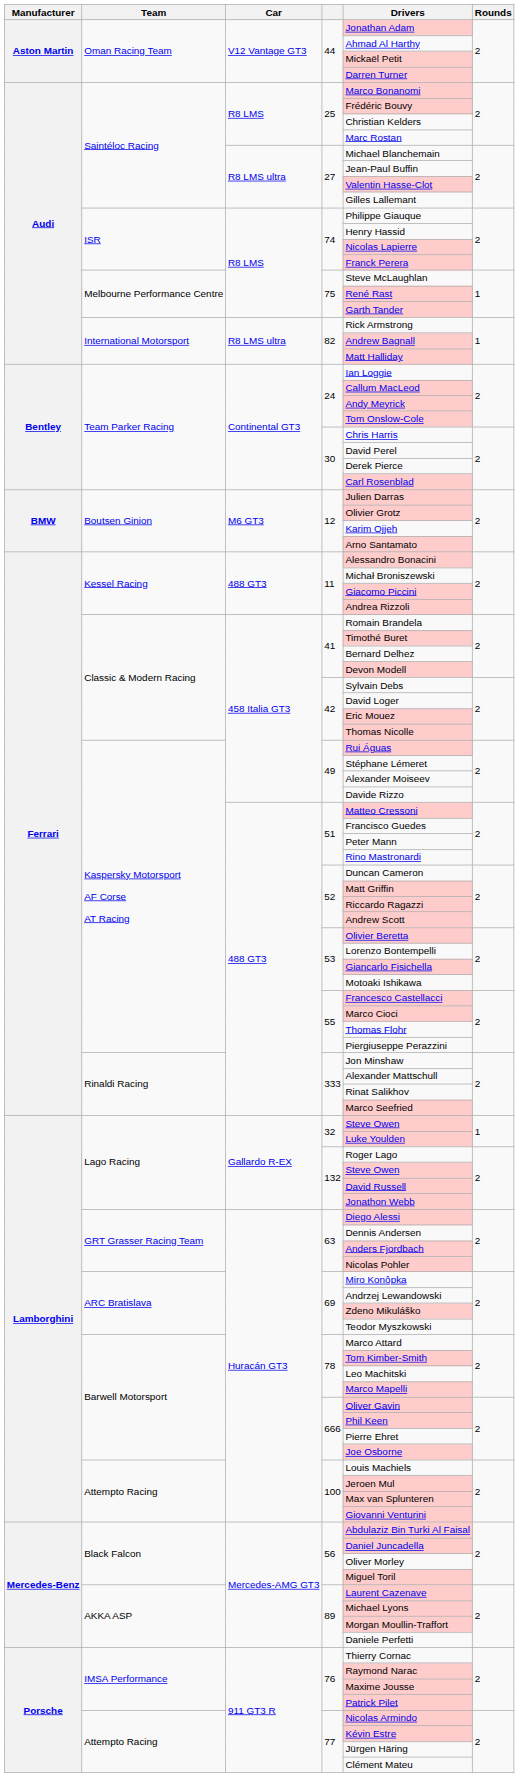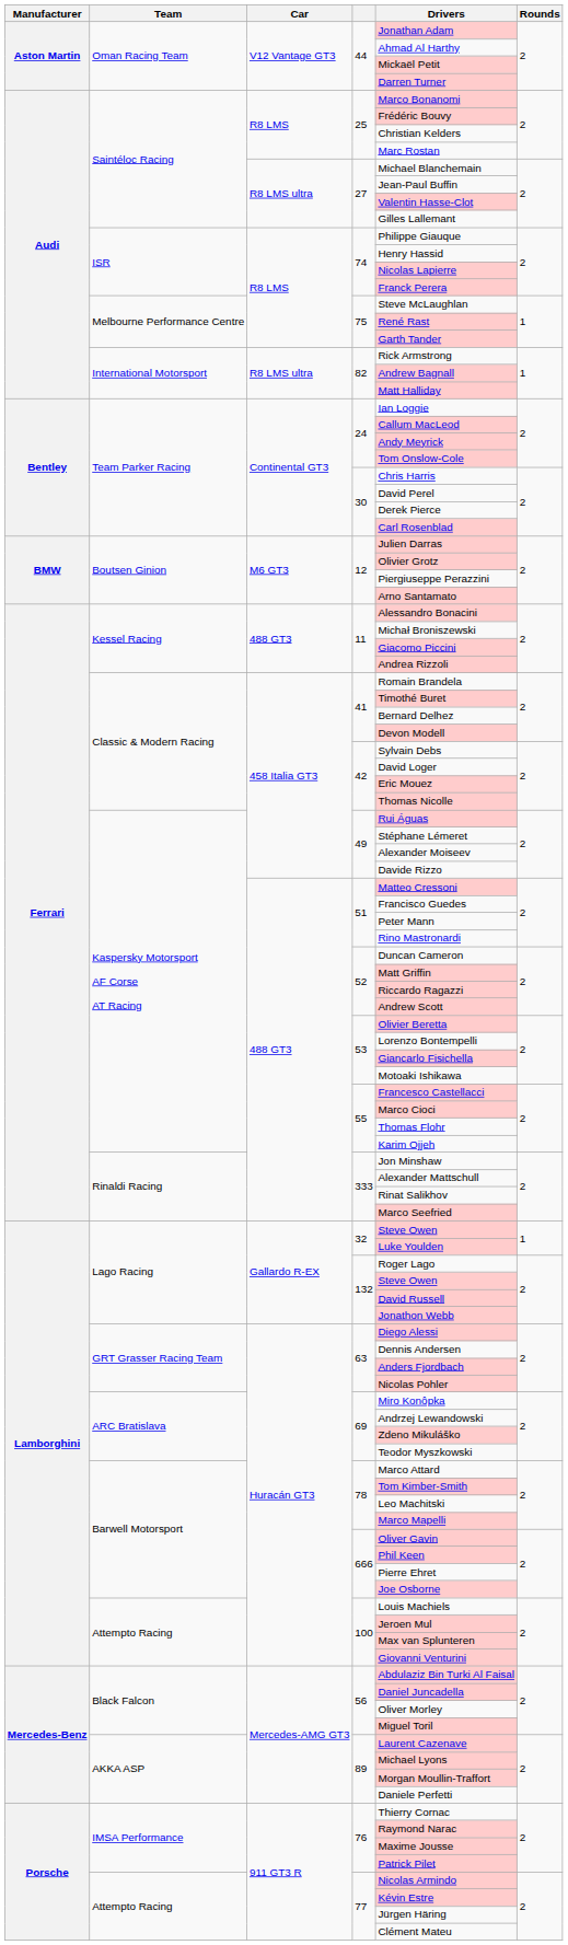 <table class="wikitable" style="font-size: 85%;">
 <tr>
 <th>Manufacturer</th>
 <th>Team</th>
 <th>Car</th>
 <th></th>
 <th>Drivers</th>
 <th>Rounds</th>
 </tr>
 <tr>
 <th rowspan=4><a href='#'>Aston Martin</a></th>
 <td rowspan=4> <a href='#'>Oman Racing Team</a></td>
 <td rowspan=4><a href='#'>V12 Vantage GT3</a></td>
 <td rowspan=4>44</td>
 <td style="background:#FFCCCC;"> <a href='#'>Jonathan Adam</a></td>
 <td rowspan=4>2</td>
 </tr>
 <tr>
 <td> <a href='#'>Ahmad Al Harthy</a></td>
 </tr>
 <tr>
 <td style="background:#FFCCCC;"> Mickaël Petit</td>
 </tr>
 <tr>
 <td style="background:#FFCCCC;"> <a href='#'>Darren Turner</a></td>
 </tr>
 <tr>
 <th rowspan=18><a href='#'>Audi</a></th>
 <td rowspan=8> <a href='#'>Saintéloc Racing</a></td>
 <td rowspan=4><a href='#'>R8 LMS</a></td>
 <td rowspan=4>25</td>
 <td style="background:#FFCCCC;"> <a href='#'>Marco Bonanomi</a></td>
 <td rowspan=4>2</td>
 </tr>
 <tr>
 <td style="background:#FFCCCC;"> Frédéric Bouvy</td>
 </tr>
 <tr>
 <td> Christian Kelders</td>
 </tr>
 <tr>
 <td> <a href='#'>Marc Rostan</a></td>
 </tr>
 <tr>
 <td rowspan=4><a href='#'>R8 LMS ultra</a></td>
 <td rowspan=4>27</td>
 <td> Michael Blanchemain</td>
 <td rowspan=4>2</td>
 </tr>
 <tr>
 <td> Jean-Paul Buffin</td>
 </tr>
 <tr>
 <td style="background:#FFCCCC;"> <a href='#'>Valentin Hasse-Clot</a></td>
 </tr>
 <tr>
 <td> Gilles Lallemant</td>
 </tr>
 <tr>
 <td rowspan=4> <a href='#'>ISR</a></td>
 <td rowspan=7><a href='#'>R8 LMS</a></td>
 <td rowspan=4>74</td>
 <td> Philippe Giauque</td>
 <td rowspan=4>2</td>
 </tr>
 <tr>
 <td> Henry Hassid</td>
 </tr>
 <tr>
 <td style="background:#FFCCCC;"> <a href='#'>Nicolas Lapierre</a></td>
 </tr>
 <tr>
 <td style="background:#FFCCCC;"> <a href='#'>Franck Perera</a></td>
 </tr>
 <tr>
 <td rowspan=3> Melbourne Performance Centre</td>
 <td rowspan=3>75</td>
 <td> Steve McLaughlan</td>
 <td rowspan=3>1</td>
 </tr>
 <tr>
 <td style="background:#FFCCCC;"> <a href='#'>René Rast</a></td>
 </tr>
 <tr>
 <td style="background:#FFCCCC;"> <a href='#'>Garth Tander</a></td>
 </tr>
 <tr>
 <td rowspan=3> <a href='#'>International Motorsport</a></td>
 <td rowspan=3><a href='#'>R8 LMS ultra</a></td>
 <td rowspan=3>82</td>
 <td> Rick Armstrong</td>
 <td rowspan=3>1</td>
 </tr>
 <tr>
 <td style="background:#FFCCCC;"> <a href='#'>Andrew Bagnall</a></td>
 </tr>
 <tr>
 <td style="background:#FFCCCC;"> <a href='#'>Matt Halliday</a></td>
 </tr>
 <tr>
 <th rowspan=8><a href='#'>Bentley</a></th>
 <td rowspan=8> <a href='#'>Team Parker Racing</a></td>
 <td rowspan=8><a href='#'>Continental GT3</a></td>
 <td rowspan=4>24</td>
 <td> <a href='#'>Ian Loggie</a></td>
 <td rowspan=4>2</td>
 </tr>
 <tr>
 <td style="background:#FFCCCC;"> <a href='#'>Callum MacLeod</a></td>
 </tr>
 <tr>
 <td style="background:#FFCCCC;"> <a href='#'>Andy Meyrick</a></td>
 </tr>
 <tr>
 <td style="background:#FFCCCC;"> <a href='#'>Tom Onslow-Cole</a></td>
 </tr>
 <tr>
 <td rowspan=4>30</td>
 <td> <a href='#'>Chris Harris</a></td>
 <td rowspan=4>2</td>
 </tr>
 <tr>
 <td> David Perel</td>
 </tr>
 <tr>
 <td> Derek Pierce</td>
 </tr>
 <tr>
 <td style="background:#FFCCCC;"> <a href='#'>Carl Rosenblad</a></td>
 </tr>
 <tr>
 <th rowspan=4><a href='#'>BMW</a></th>
 <td rowspan=4> <a href='#'>Boutsen Ginion</a></td>
 <td rowspan=4><a href='#'>M6 GT3</a></td>
 <td rowspan=4>12</td>
 <td style="background:#FFCCCC;"> Julien Darras</td>
 <td rowspan=4>2</td>
 </tr>
 <tr>
 <td style="background:#FFCCCC;"> Olivier Grotz</td>
 </tr>
 <tr>
-<td> <a href='#'>Karim Ojjeh</a></td>
+<td> Piergiuseppe Perazzini</td>
 </tr>
 <tr>
 <td style="background:#FFCCCC;"> Arno Santamato</td>
 </tr>
 <tr>
 <th rowspan=36><a href='#'>Ferrari</a></th>
 <td rowspan=4> <a href='#'>Kessel Racing</a></td>
 <td rowspan=4><a href='#'>488 GT3</a></td>
 <td rowspan=4>11</td>
 <td style="background:#FFCCCC;"> Alessandro Bonacini</td>
 <td rowspan=4>2</td>
 </tr>
 <tr>
 <td> Michał Broniszewski</td>
 </tr>
 <tr>
 <td style="background:#FFCCCC;"> <a href='#'>Giacomo Piccini</a></td>
 </tr>
 <tr>
 <td style="background:#FFCCCC;"> Andrea Rizzoli</td>
 </tr>
 <tr>
 <td rowspan=8> Classic & Modern Racing</td>
 <td rowspan=12><a href='#'>458 Italia GT3</a></td>
 <td rowspan=4>41</td>
 <td> Romain Brandela</td>
 <td rowspan=4>2</td>
 </tr>
 <tr>
 <td style="background:#FFCCCC;"> Timothé Buret</td>
 </tr>
 <tr>
 <td> Bernard Delhez</td>
 </tr>
 <tr>
 <td style="background:#FFCCCC;"> Devon Modell</td>
 </tr>
 <tr>
 <td rowspan=4>42</td>
 <td> Sylvain Debs</td>
 <td rowspan=4>2</td>
 </tr>
 <tr>
 <td> David Loger</td>
 </tr>
 <tr>
 <td style="background:#FFCCCC;"> Eric Mouez</td>
 </tr>
 <tr>
 <td style="background:#FFCCCC;"> Thomas Nicolle</td>
 </tr>
 <tr>
 <td rowspan=20> <a href='#'>Kaspersky Motorsport</a><br> <br> <a href='#'>AF Corse</a><br> <br> <a href='#'>AT Racing</a></td>
 <td rowspan=4>49</td>
 <td style="background:#FFCCCC;"> <a href='#'>Rui Águas</a></td>
 <td rowspan=4>2</td>
 </tr>
 <tr>
 <td> Stéphane Lémeret</td>
 </tr>
 <tr>
 <td> Alexander Moiseev</td>
 </tr>
 <tr>
 <td> Davide Rizzo</td>
 </tr>
 <tr>
 <td rowspan=20><a href='#'>488 GT3</a></td>
 <td rowspan=4>51</td>
 <td style="background:#FFCCCC;"> <a href='#'>Matteo Cressoni</a></td>
 <td rowspan=4>2</td>
 </tr>
 <tr>
 <td> Francisco Guedes</td>
 </tr>
 <tr>
 <td> Peter Mann</td>
 </tr>
 <tr>
 <td> <a href='#'>Rino Mastronardi</a></td>
 </tr>
 <tr>
 <td rowspan=4>52</td>
 <td> Duncan Cameron</td>
 <td rowspan=4>2</td>
 </tr>
 <tr>
 <td style="background:#FFCCCC;"> Matt Griffin</td>
 </tr>
 <tr>
 <td style="background:#FFCCCC;"> Riccardo Ragazzi</td>
 </tr>
 <tr>
 <td style="background:#FFCCCC;"> Andrew Scott</td>
 </tr>
 <tr>
 <td rowspan=4>53</td>
 <td style="background:#FFCCCC;"> <a href='#'>Olivier Beretta</a></td>
 <td rowspan=4>2</td>
 </tr>
 <tr>
 <td> Lorenzo Bontempelli</td>
 </tr>
 <tr>
 <td style="background:#FFCCCC;"> <a href='#'>Giancarlo Fisichella</a></td>
 </tr>
 <tr>
 <td> Motoaki Ishikawa</td>
 </tr>
 <tr>
 <td rowspan=4>55</td>
 <td style="background:#FFCCCC;"> <a href='#'>Francesco Castellacci</a></td>
 <td rowspan=4>2</td>
 </tr>
 <tr>
 <td style="background:#FFCCCC;"> Marco Cioci</td>
 </tr>
 <tr>
 <td> <a href='#'>Thomas Flohr</a></td>
 </tr>
 <tr>
-<td> Piergiuseppe Perazzini</td>
+<td> <a href='#'>Karim Ojjeh</a></td>
 </tr>
 <tr>
 <td rowspan=4> Rinaldi Racing</td>
 <td rowspan=4>333</td>
 <td> Jon Minshaw</td>
 <td rowspan=4>2</td>
 </tr>
 <tr>
 <td> Alexander Mattschull</td>
 </tr>
 <tr>
 <td> Rinat Salikhov</td>
 </tr>
 <tr>
 <td style="background:#FFCCCC;"> Marco Seefried</td>
 </tr>
 <tr>
 <th rowspan=27><a href='#'>Lamborghini</a></th>
 <td rowspan=7> Lago Racing</td>
 <td rowspan=7><a href='#'>Gallardo R-EX</a></td>
 <td rowspan=3>32</td>
 <td style="background:#FFCCCC;"> <a href='#'>Steve Owen</a></td>
 <td rowspan=3>1</td>
 </tr>
 <tr>
 <td style="background:#FFCCCC;"> <a href='#'>Luke Youlden</a></td>
 </tr>
 <tr>
 <td rowspan=2> Roger Lago</td>
 </tr>
 <tr>
 <td rowspan=4>132</td>
 <td rowspan=4>2</td>
 </tr>
 <tr>
 <td style="background:#FFCCCC;"> <a href='#'>Steve Owen</a></td>
 </tr>
 <tr>
 <td style="background:#FFCCCC;"> <a href='#'>David Russell</a></td>
 </tr>
 <tr>
 <td style="background:#FFCCCC;"> <a href='#'>Jonathon Webb</a></td>
 </tr>
 <tr>
 <td rowspan=4> <a href='#'>GRT Grasser Racing Team</a></td>
 <td rowspan=20><a href='#'>Huracán GT3</a></td>
 <td rowspan=4>63</td>
 <td style="background:#FFCCCC;"> <a href='#'>Diego Alessi</a></td>
 <td rowspan=4>2</td>
 </tr>
 <tr>
 <td> Dennis Andersen</td>
 </tr>
 <tr>
 <td style="background:#FFCCCC;"> <a href='#'>Anders Fjordbach</a></td>
 </tr>
 <tr>
 <td style="background:#FFCCCC;"> Nicolas Pohler</td>
 </tr>
 <tr>
 <td rowspan=4> <a href='#'>ARC Bratislava</a></td>
 <td rowspan=4>69</td>
 <td> <a href='#'>Miro Konôpka</a></td>
 <td rowspan=4>2</td>
 </tr>
 <tr>
 <td> Andrzej Lewandowski</td>
 </tr>
 <tr>
 <td style="background:#FFCCCC;"> Zdeno Mikuláško</td>
 </tr>
 <tr>
 <td> Teodor Myszkowski</td>
 </tr>
 <tr>
 <td rowspan=8> Barwell Motorsport</td>
 <td rowspan=4>78</td>
 <td> Marco Attard</td>
 <td rowspan=4>2</td>
 </tr>
 <tr>
 <td style="background:#FFCCCC;"> <a href='#'>Tom Kimber-Smith</a></td>
 </tr>
 <tr>
 <td> Leo Machitski</td>
 </tr>
 <tr>
 <td style="background:#FFCCCC;"> <a href='#'>Marco Mapelli</a></td>
 </tr>
 <tr>
 <td rowspan=4>666</td>
 <td style="background:#FFCCCC;"> <a href='#'>Oliver Gavin</a></td>
 <td rowspan=4>2</td>
 </tr>
 <tr>
 <td style="background:#FFCCCC;"> <a href='#'>Phil Keen</a></td>
 </tr>
 <tr>
 <td> Pierre Ehret</td>
 </tr>
 <tr>
 <td style="background:#FFCCCC;"> <a href='#'>Joe Osborne</a></td>
 </tr>
 <tr>
 <td rowspan=4> Attempto Racing</td>
 <td rowspan=4>100</td>
 <td> Louis Machiels</td>
 <td rowspan=4>2</td>
 </tr>
 <tr>
 <td style="background:#FFCCCC;"> Jeroen Mul</td>
 </tr>
 <tr>
 <td style="background:#FFCCCC;"> Max van Splunteren</td>
 </tr>
 <tr>
 <td style="background:#FFCCCC;"> <a href='#'>Giovanni Venturini</a></td>
 </tr>
 <tr>
 <th rowspan=8><a href='#'>Mercedes-Benz</a></th>
 <td rowspan=4> Black Falcon</td>
 <td rowspan=8><a href='#'>Mercedes-AMG GT3</a></td>
 <td rowspan=4>56</td>
 <td style="background:#FFCCCC;"> <a href='#'>Abdulaziz Bin Turki Al Faisal</a></td>
 <td rowspan=4>2</td>
 </tr>
 <tr>
 <td style="background:#FFCCCC;"> <a href='#'>Daniel Juncadella</a></td>
 </tr>
 <tr>
 <td> Oliver Morley</td>
 </tr>
 <tr>
 <td style="background:#FFCCCC;"> Miguel Toril</td>
 </tr>
 <tr>
 <td rowspan=4> AKKA ASP</td>
 <td rowspan=4>89</td>
 <td style="background:#FFCCCC;"> <a href='#'>Laurent Cazenave</a></td>
 <td rowspan=4>2</td>
 </tr>
 <tr>
 <td style="background:#FFCCCC;"> Michael Lyons</td>
 </tr>
 <tr>
 <td style="background:#FFCCCC;"> Morgan Moullin-Traffort</td>
 </tr>
 <tr>
 <td> Daniele Perfetti</td>
 </tr>
 <tr>
 <th rowspan=8><a href='#'>Porsche</a></th>
 <td rowspan=4> <a href='#'>IMSA Performance</a></td>
 <td rowspan=8><a href='#'>911 GT3 R</a></td>
 <td rowspan=4>76</td>
 <td> Thierry Cornac</td>
 <td rowspan=4>2</td>
 </tr>
 <tr>
 <td style="background:#FFCCCC;"> Raymond Narac</td>
 </tr>
 <tr>
 <td style="background:#FFCCCC;"> Maxime Jousse</td>
 </tr>
 <tr>
 <td style="background:#FFCCCC;"> <a href='#'>Patrick Pilet</a></td>
 </tr>
 <tr>
 <td rowspan=4> Attempto Racing</td>
 <td rowspan=4>77</td>
 <td style="background:#FFCCCC;"> <a href='#'>Nicolas Armindo</a></td>
 <td rowspan=4>2</td>
 </tr>
 <tr>
 <td style="background:#FFCCCC;"> <a href='#'>Kévin Estre</a></td>
 </tr>
 <tr>
 <td> Jürgen Häring</td>
 </tr>
 <tr>
 <td> Clément Mateu</td>
 </tr>
 </table>
